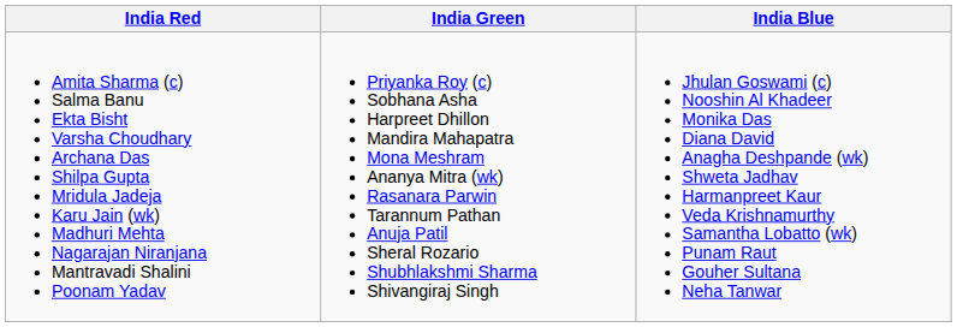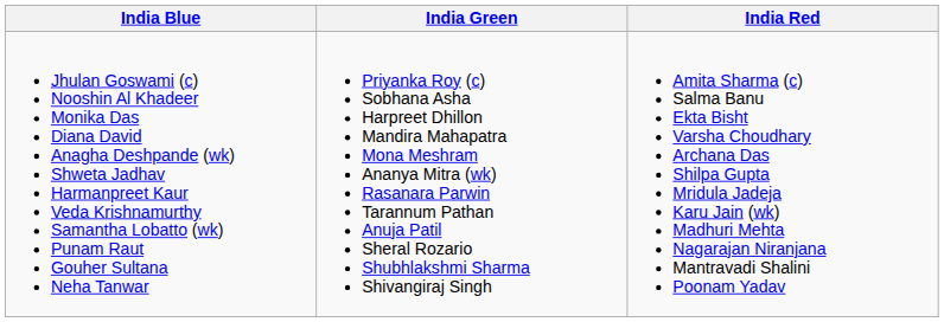 <table class="wikitable">
 <tr>
+<th style="width:25%;"><a href='#'>India Blue</a></th>
+<th style="width:25%;"><a href='#'>India Green</a></th>
 <th style="width:25%;"><a href='#'>India Red</a></th>
-<th style="width:25%;"><a href='#'>India Green</a></th>
-<th style="width:25%;"><a href='#'>India Blue</a></th>
 </tr>
 <tr style="vertical-align:top">
+<td><br><ul><li><a href='#'>Jhulan Goswami</a> (<a href='#'>c</a>)</li><li><a href='#'>Nooshin Al Khadeer</a></li><li><a href='#'>Monika Das</a></li><li><a href='#'>Diana David</a></li><li><a href='#'>Anagha Deshpande</a> (<a href='#'>wk</a>)</li><li><a href='#'>Shweta Jadhav</a></li><li><a href='#'>Harmanpreet Kaur</a></li><li><a href='#'>Veda Krishnamurthy</a></li><li><a href='#'>Samantha Lobatto</a> (<a href='#'>wk</a>)</li><li><a href='#'>Punam Raut</a></li><li><a href='#'>Gouher Sultana</a></li><li><a href='#'>Neha Tanwar</a></li></ul></td>
+<td><br><ul><li><a href='#'>Priyanka Roy</a> (<a href='#'>c</a>)</li><li>Sobhana Asha</li><li>Harpreet Dhillon</li><li>Mandira Mahapatra</li><li><a href='#'>Mona Meshram</a></li><li>Ananya Mitra (<a href='#'>wk</a>)</li><li><a href='#'>Rasanara Parwin</a></li><li>Tarannum Pathan</li><li><a href='#'>Anuja Patil</a></li><li>Sheral Rozario</li><li><a href='#'>Shubhlakshmi Sharma</a></li><li>Shivangiraj Singh</li></ul></td>
 <td><br><ul><li><a href='#'>Amita Sharma</a> (<a href='#'>c</a>)</li><li>Salma Banu</li><li><a href='#'>Ekta Bisht</a></li><li><a href='#'>Varsha Choudhary</a></li><li><a href='#'>Archana Das</a></li><li><a href='#'>Shilpa Gupta</a></li><li><a href='#'>Mridula Jadeja</a></li><li><a href='#'>Karu Jain</a> (<a href='#'>wk</a>)</li><li><a href='#'>Madhuri Mehta</a></li><li><a href='#'>Nagarajan Niranjana</a></li><li>Mantravadi Shalini</li><li><a href='#'>Poonam Yadav</a></li></ul></td>
-<td><br><ul><li><a href='#'>Priyanka Roy</a> (<a href='#'>c</a>)</li><li>Sobhana Asha</li><li>Harpreet Dhillon</li><li>Mandira Mahapatra</li><li><a href='#'>Mona Meshram</a></li><li>Ananya Mitra (<a href='#'>wk</a>)</li><li><a href='#'>Rasanara Parwin</a></li><li>Tarannum Pathan</li><li><a href='#'>Anuja Patil</a></li><li>Sheral Rozario</li><li><a href='#'>Shubhlakshmi Sharma</a></li><li>Shivangiraj Singh</li></ul></td>
-<td><br><ul><li><a href='#'>Jhulan Goswami</a> (<a href='#'>c</a>)</li><li><a href='#'>Nooshin Al Khadeer</a></li><li><a href='#'>Monika Das</a></li><li><a href='#'>Diana David</a></li><li><a href='#'>Anagha Deshpande</a> (<a href='#'>wk</a>)</li><li><a href='#'>Shweta Jadhav</a></li><li><a href='#'>Harmanpreet Kaur</a></li><li><a href='#'>Veda Krishnamurthy</a></li><li><a href='#'>Samantha Lobatto</a> (<a href='#'>wk</a>)</li><li><a href='#'>Punam Raut</a></li><li><a href='#'>Gouher Sultana</a></li><li><a href='#'>Neha Tanwar</a></li></ul></td>
 </tr>
 </table>
